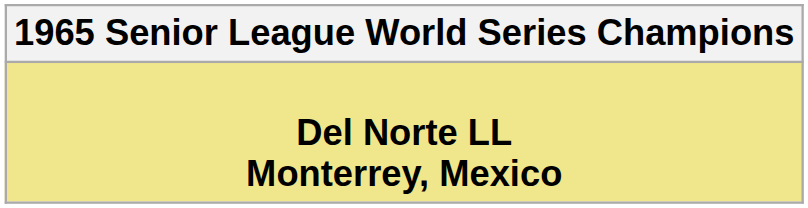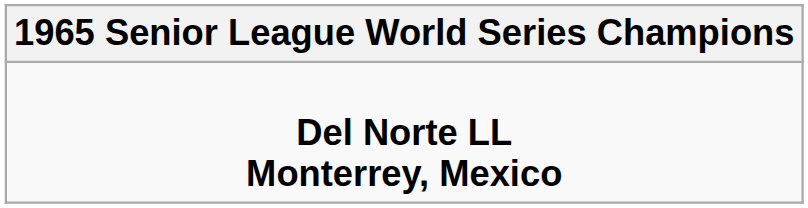 <table class="wikitable" style="text-align: center; margin: 0 auto;">
 <tr>
 <th>1965 Senior League World Series Champions</th>
 </tr>
 <tr>
-<td style="background: khaki;"><br><strong>Del Norte LL</strong><br><strong>Monterrey, Mexico</strong></td>
+<td><br><strong>Del Norte LL</strong><br><strong>Monterrey, Mexico</strong></td>
 </tr>
 </table>
